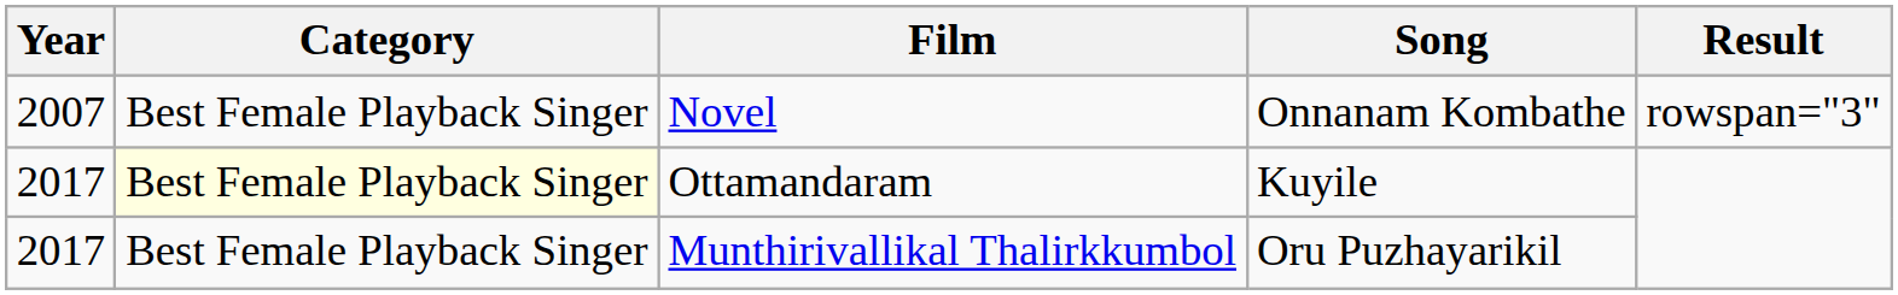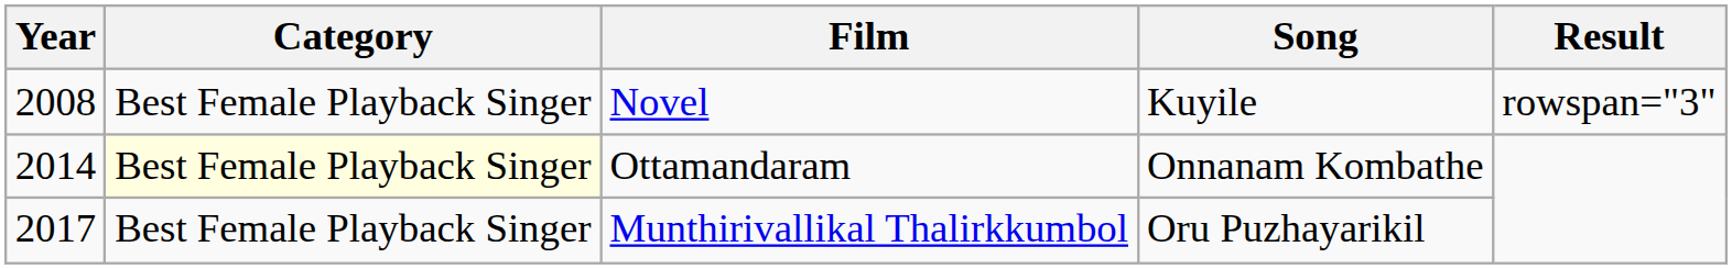 <table class="wikitable sortable">
 <tr>
 <th>Year</th>
 <th>Category</th>
 <th>Film</th>
 <th>Song</th>
 <th>Result</th>
 </tr>
 <tr>
-<td>2007</td>
+<td>2008</td>
 <td>Best Female Playback Singer</td>
 <td><a href='#'>Novel</a></td>
-<td>Onnanam Kombathe</td>
+<td>Kuyile</td>
 <td>rowspan="3"</td>
 </tr>
 <tr>
-<td>2017</td>
+<td>2014</td>
 <td style="background: lightyellow;">Best Female Playback Singer</td>
 <td>Ottamandaram</td>
-<td>Kuyile</td>
+<td>Onnanam Kombathe</td>
 </tr>
 <tr>
 <td>2017</td>
 <td>Best Female Playback Singer</td>
 <td><a href='#'>Munthirivallikal Thalirkkumbol</a></td>
 <td>Oru Puzhayarikil</td>
 </tr>
 </table>
